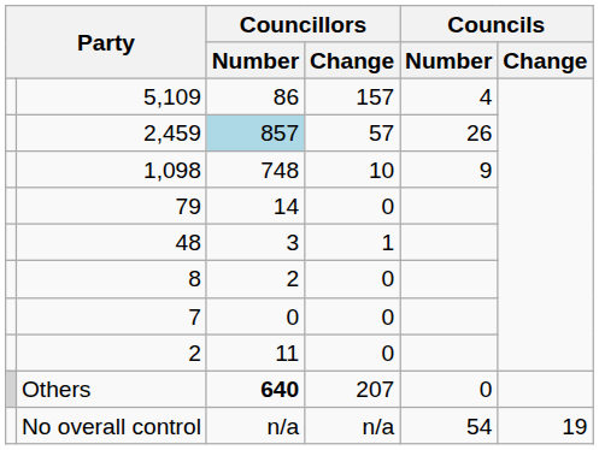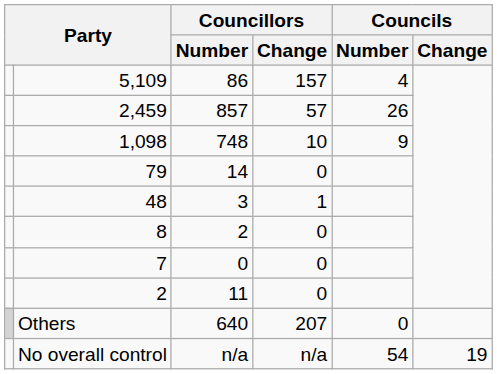 <table class="wikitable" style="text-align:right; font-size:95%;">
 <tr>
 <th colspan="2" rowspan="2">Party</th>
 <th colspan="2">Councillors</th>
 <th colspan="2">Councils</th>
 </tr>
 <tr>
 <th scope="col">Number</th>
 <th scope="col">Change</th>
 <th scope="col">Number</th>
 <th scope="col">Change</th>
 </tr>
 <tr>
 <td></td>
 <td style="text-align:right;">5,109</td>
 <td style="text-align:right;">86</td>
 <td style="text-align:right;">157</td>
 <td style="text-align:right;">4</td>
 </tr>
 <tr>
 <td></td>
 <td style="text-align:right;">2,459</td>
-<td style="background: lightblue; text-align:right;">857</td>
+<td style="text-align:right;">857</td>
 <td style="text-align:right;">57</td>
 <td style="text-align:right;">26</td>
 </tr>
 <tr>
 <td></td>
 <td style="text-align:right;">1,098</td>
 <td style="text-align:right;">748</td>
 <td style="text-align:right;">10</td>
 <td style="text-align:right;">9</td>
 </tr>
 <tr>
 <td></td>
 <td style="text-align:right;">79</td>
 <td style="text-align:right;">14</td>
 <td style="text-align:right;">0</td>
 <td style="text-align:right;"></td>
 </tr>
 <tr>
 <td></td>
 <td style="text-align:right;">48</td>
 <td style="text-align:right;">3</td>
 <td style="text-align:right;">1</td>
 <td style="text-align:right;"></td>
 </tr>
 <tr>
 <td></td>
 <td style="text-align:right;">8</td>
 <td style="text-align:right;">2</td>
 <td style="text-align:right;">0</td>
 <td style="text-align:right;"></td>
 </tr>
 <tr>
 <td></td>
 <td style="text-align:right;">7</td>
 <td style="text-align:right;">0</td>
 <td style="text-align:right;">0</td>
 <td style="text-align:right;"></td>
 </tr>
 <tr>
 <td></td>
 <td style="text-align:right;">2</td>
 <td style="text-align:right;">11</td>
 <td style="text-align:right;">0</td>
 <td style="text-align:right;"></td>
 </tr>
 <tr>
 <td style="color:inherit;background:#d3d3d3;"></td>
 <td style="text-align:left;">Others</td>
-<td style="text-align:right;"><strong>640</strong></td>
+<td style="text-align:right;">640</td>
 <td style="text-align:right;">207</td>
 <td style="text-align:right;">0</td>
 <td style="text-align:right;"></td>
 </tr>
 <tr>
 <td style="color:inherit;background:"></td>
 <td style="text-align:left;">No overall control</td>
 <td style="text-align:right;">n/a</td>
 <td style="text-align:right;">n/a</td>
 <td style="text-align:right;">54</td>
 <td style="text-align:right;">19</td>
 </tr>
 </table>
